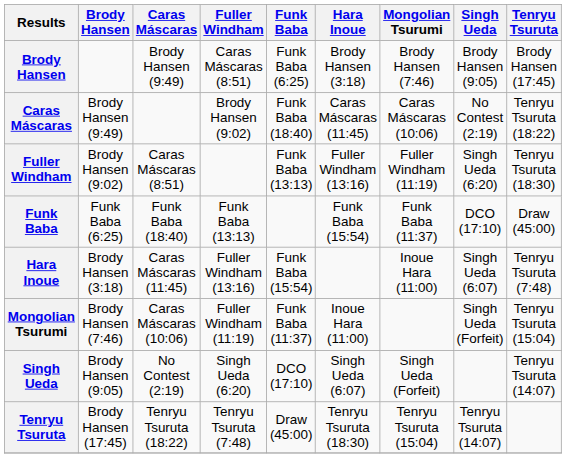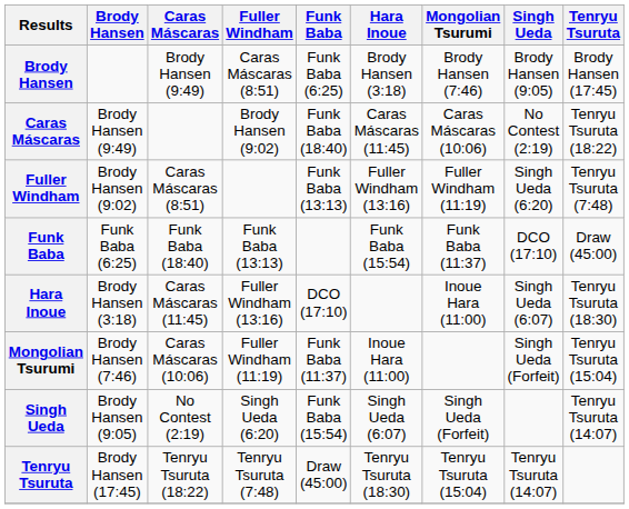 <table class="wikitable" style="text-align:center; margin: 1em auto 1em auto">
 <tr>
 <th>Results</th>
 <th><a href='#'>Brody</a><br><a href='#'>Hansen</a></th>
 <th><a href='#'>Caras</a><br><a href='#'>Máscaras</a></th>
 <th><a href='#'>Fuller</a><br><a href='#'>Windham</a></th>
 <th><a href='#'>Funk</a><br><a href='#'>Baba</a></th>
 <th><a href='#'>Hara</a><br><a href='#'>Inoue</a></th>
 <th><a href='#'>Mongolian</a><br>Tsurumi</th>
 <th><a href='#'>Singh</a><br><a href='#'>Ueda</a></th>
 <th><a href='#'>Tenryu</a><br><a href='#'>Tsuruta</a></th>
 </tr>
 <tr>
 <th><a href='#'>Brody</a><br><a href='#'>Hansen</a></th>
 <td></td>
 <td>Brody<br>Hansen<br>(9:49)</td>
 <td>Caras<br>Máscaras<br>(8:51)</td>
 <td>Funk<br>Baba<br>(6:25)</td>
 <td>Brody<br>Hansen<br>(3:18)</td>
 <td>Brody<br>Hansen<br>(7:46)</td>
 <td>Brody<br>Hansen<br>(9:05)</td>
 <td>Brody<br>Hansen<br>(17:45)</td>
 </tr>
 <tr>
 <th><a href='#'>Caras</a><br><a href='#'>Máscaras</a></th>
 <td>Brody<br>Hansen<br>(9:49)</td>
 <td></td>
 <td>Brody<br>Hansen<br>(9:02)</td>
 <td>Funk<br>Baba<br>(18:40)</td>
 <td>Caras<br>Máscaras<br>(11:45)</td>
 <td>Caras<br>Máscaras<br>(10:06)</td>
 <td>No<br>Contest<br>(2:19)</td>
 <td>Tenryu<br>Tsuruta<br>(18:22)</td>
 </tr>
 <tr>
 <th><a href='#'>Fuller</a><br><a href='#'>Windham</a></th>
 <td>Brody<br>Hansen<br>(9:02)</td>
 <td>Caras<br>Máscaras<br>(8:51)</td>
 <td></td>
 <td>Funk<br>Baba<br>(13:13)</td>
 <td>Fuller<br>Windham<br>(13:16)</td>
 <td>Fuller<br>Windham<br>(11:19)</td>
 <td>Singh<br>Ueda<br>(6:20)</td>
-<td>Tenryu<br>Tsuruta<br>(18:30)</td>
+<td>Tenryu<br>Tsuruta<br>(7:48)</td>
 </tr>
 <tr>
 <th><a href='#'>Funk</a><br><a href='#'>Baba</a></th>
 <td>Funk<br>Baba<br>(6:25)</td>
 <td>Funk<br>Baba<br>(18:40)</td>
 <td>Funk<br>Baba<br>(13:13)</td>
 <td></td>
 <td>Funk<br>Baba<br>(15:54)</td>
 <td>Funk<br>Baba<br>(11:37)</td>
 <td>DCO<br>(17:10)</td>
 <td>Draw<br>(45:00)</td>
 </tr>
 <tr>
 <th><a href='#'>Hara</a><br><a href='#'>Inoue</a></th>
 <td>Brody<br>Hansen<br>(3:18)</td>
 <td>Caras<br>Máscaras<br>(11:45)</td>
 <td>Fuller<br>Windham<br>(13:16)</td>
-<td>Funk<br>Baba<br>(15:54)</td>
+<td>DCO<br>(17:10)</td>
 <td></td>
 <td>Inoue<br>Hara<br>(11:00)</td>
 <td>Singh<br>Ueda<br>(6:07)</td>
-<td>Tenryu<br>Tsuruta<br>(7:48)</td>
+<td>Tenryu<br>Tsuruta<br>(18:30)</td>
 </tr>
 <tr>
 <th><a href='#'>Mongolian</a><br>Tsurumi</th>
 <td>Brody<br>Hansen<br>(7:46)</td>
 <td>Caras<br>Máscaras<br>(10:06)</td>
 <td>Fuller<br>Windham<br>(11:19)</td>
 <td>Funk<br>Baba<br>(11:37)</td>
 <td>Inoue<br>Hara<br>(11:00)</td>
 <td></td>
 <td>Singh<br>Ueda<br>(Forfeit)</td>
 <td>Tenryu<br>Tsuruta<br>(15:04)</td>
 </tr>
 <tr>
 <th><a href='#'>Singh</a><br><a href='#'>Ueda</a></th>
 <td>Brody<br>Hansen<br>(9:05)</td>
 <td>No<br>Contest<br>(2:19)</td>
 <td>Singh<br>Ueda<br>(6:20)</td>
-<td>DCO<br>(17:10)</td>
+<td>Funk<br>Baba<br>(15:54)</td>
 <td>Singh<br>Ueda<br>(6:07)</td>
 <td>Singh<br>Ueda<br>(Forfeit)</td>
 <td></td>
 <td>Tenryu<br>Tsuruta<br>(14:07)</td>
 </tr>
 <tr>
 <th><a href='#'>Tenryu</a><br><a href='#'>Tsuruta</a></th>
 <td>Brody<br>Hansen<br>(17:45)</td>
 <td>Tenryu<br>Tsuruta<br>(18:22)</td>
 <td>Tenryu<br>Tsuruta<br>(7:48)</td>
 <td>Draw<br>(45:00)</td>
 <td>Tenryu<br>Tsuruta<br>(18:30)</td>
 <td>Tenryu<br>Tsuruta<br>(15:04)</td>
 <td>Tenryu<br>Tsuruta<br>(14:07)</td>
 <td></td>
 </tr>
 <tr>
 </tr>
 </table>
